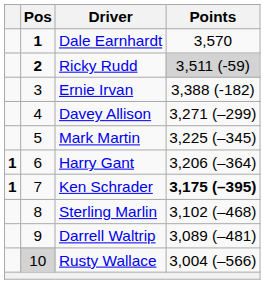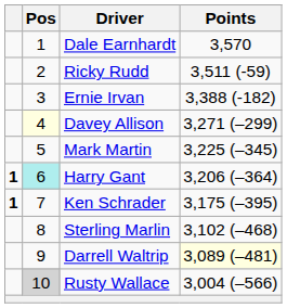 <table class="wikitable" style="font-size: 95%;">
 <tr>
 <th></th>
 <th>Pos</th>
 <th>Driver</th>
 <th>Points</th>
 </tr>
 <tr>
 <td align="left"></td>
-<td style="text-align:center;"><strong>1</strong></td>
+<td style="text-align:center;">1</td>
 <td><a href='#'>Dale Earnhardt</a></td>
 <td style="text-align:center;">3,570</td>
 </tr>
 <tr>
 <td align="left"></td>
-<td style="text-align:center;"><strong>2</strong></td>
+<td style="text-align:center;">2</td>
 <td><a href='#'>Ricky Rudd</a></td>
-<td style="background: lightgrey; text-align:center;">3,511 (-59)</td>
+<td style="text-align:center;">3,511 (-59)</td>
 </tr>
 <tr>
 <td align="left"></td>
 <td style="text-align:center;">3</td>
 <td><a href='#'>Ernie Irvan</a></td>
 <td style="text-align:center;">3,388 (-182)</td>
 </tr>
 <tr>
 <td align="left"></td>
-<td style="text-align:center;">4</td>
+<td style="background: lightyellow; text-align:center;">4</td>
 <td><a href='#'>Davey Allison</a></td>
 <td style="text-align:center;">3,271 (–299)</td>
 </tr>
 <tr>
 <td align="left"></td>
 <td style="text-align:center;">5</td>
 <td><a href='#'>Mark Martin</a></td>
 <td style="text-align:center;">3,225 (–345)</td>
 </tr>
 <tr>
 <td align="left">  <strong>1</strong></td>
-<td style="text-align:center;">6</td>
+<td style="background: paleturquoise; text-align:center;">6</td>
 <td><a href='#'>Harry Gant</a></td>
 <td style="text-align:center;">3,206 (–364)</td>
 </tr>
 <tr>
 <td align="left">  <strong>1</strong></td>
 <td style="text-align:center;">7</td>
 <td><a href='#'>Ken Schrader</a></td>
-<td style="text-align:center;"><strong>3,175 (–395)</strong></td>
+<td style="text-align:center;">3,175 (–395)</td>
 </tr>
 <tr>
 <td align="left"></td>
 <td style="text-align:center;">8</td>
 <td><a href='#'>Sterling Marlin</a></td>
 <td style="text-align:center;">3,102 (–468)</td>
 </tr>
 <tr>
 <td align="left"></td>
 <td style="text-align:center;">9</td>
 <td><a href='#'>Darrell Waltrip</a></td>
-<td style="text-align:center;">3,089 (–481)</td>
+<td style="background: lightyellow; text-align:center;">3,089 (–481)</td>
 </tr>
 <tr>
 <td align="left"></td>
 <td style="background: lightgrey; text-align:center;">10</td>
 <td><a href='#'>Rusty Wallace</a></td>
 <td style="text-align:center;">3,004 (–566)</td>
 </tr>
 <tr class="sortbottom">
 <th colspan="9"></th>
 </tr>
 </table>
